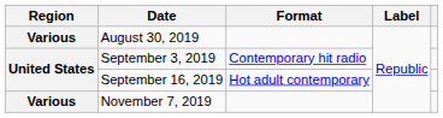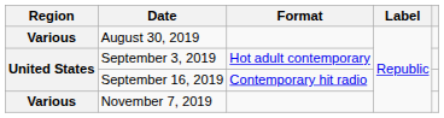 <table class="wikitable plainrowheaders">
 <tr>
 <th scope="col">Region</th>
 <th scope="col">Date</th>
 <th scope="col">Format</th>
 <th scope="col">Label</th>
 <th scope="col"></th>
 </tr>
 <tr>
 <th scope="row">Various</th>
 <td>August 30, 2019</td>
 <td></td>
 <td rowspan="4"><a href='#'>Republic</a></td>
 <td></td>
 </tr>
 <tr>
 <th scope="row" rowspan="2">United States</th>
 <td>September 3, 2019</td>
-<td><a href='#'>Contemporary hit radio</a></td>
+<td><a href='#'>Hot adult contemporary</a></td>
 <td></td>
 </tr>
 <tr>
 <td>September 16, 2019</td>
-<td><a href='#'>Hot adult contemporary</a></td>
+<td><a href='#'>Contemporary hit radio</a></td>
 <td></td>
 </tr>
 <tr>
 <th scope="row">Various</th>
 <td>November 7, 2019</td>
 <td></td>
 <td></td>
 </tr>
 </table>
